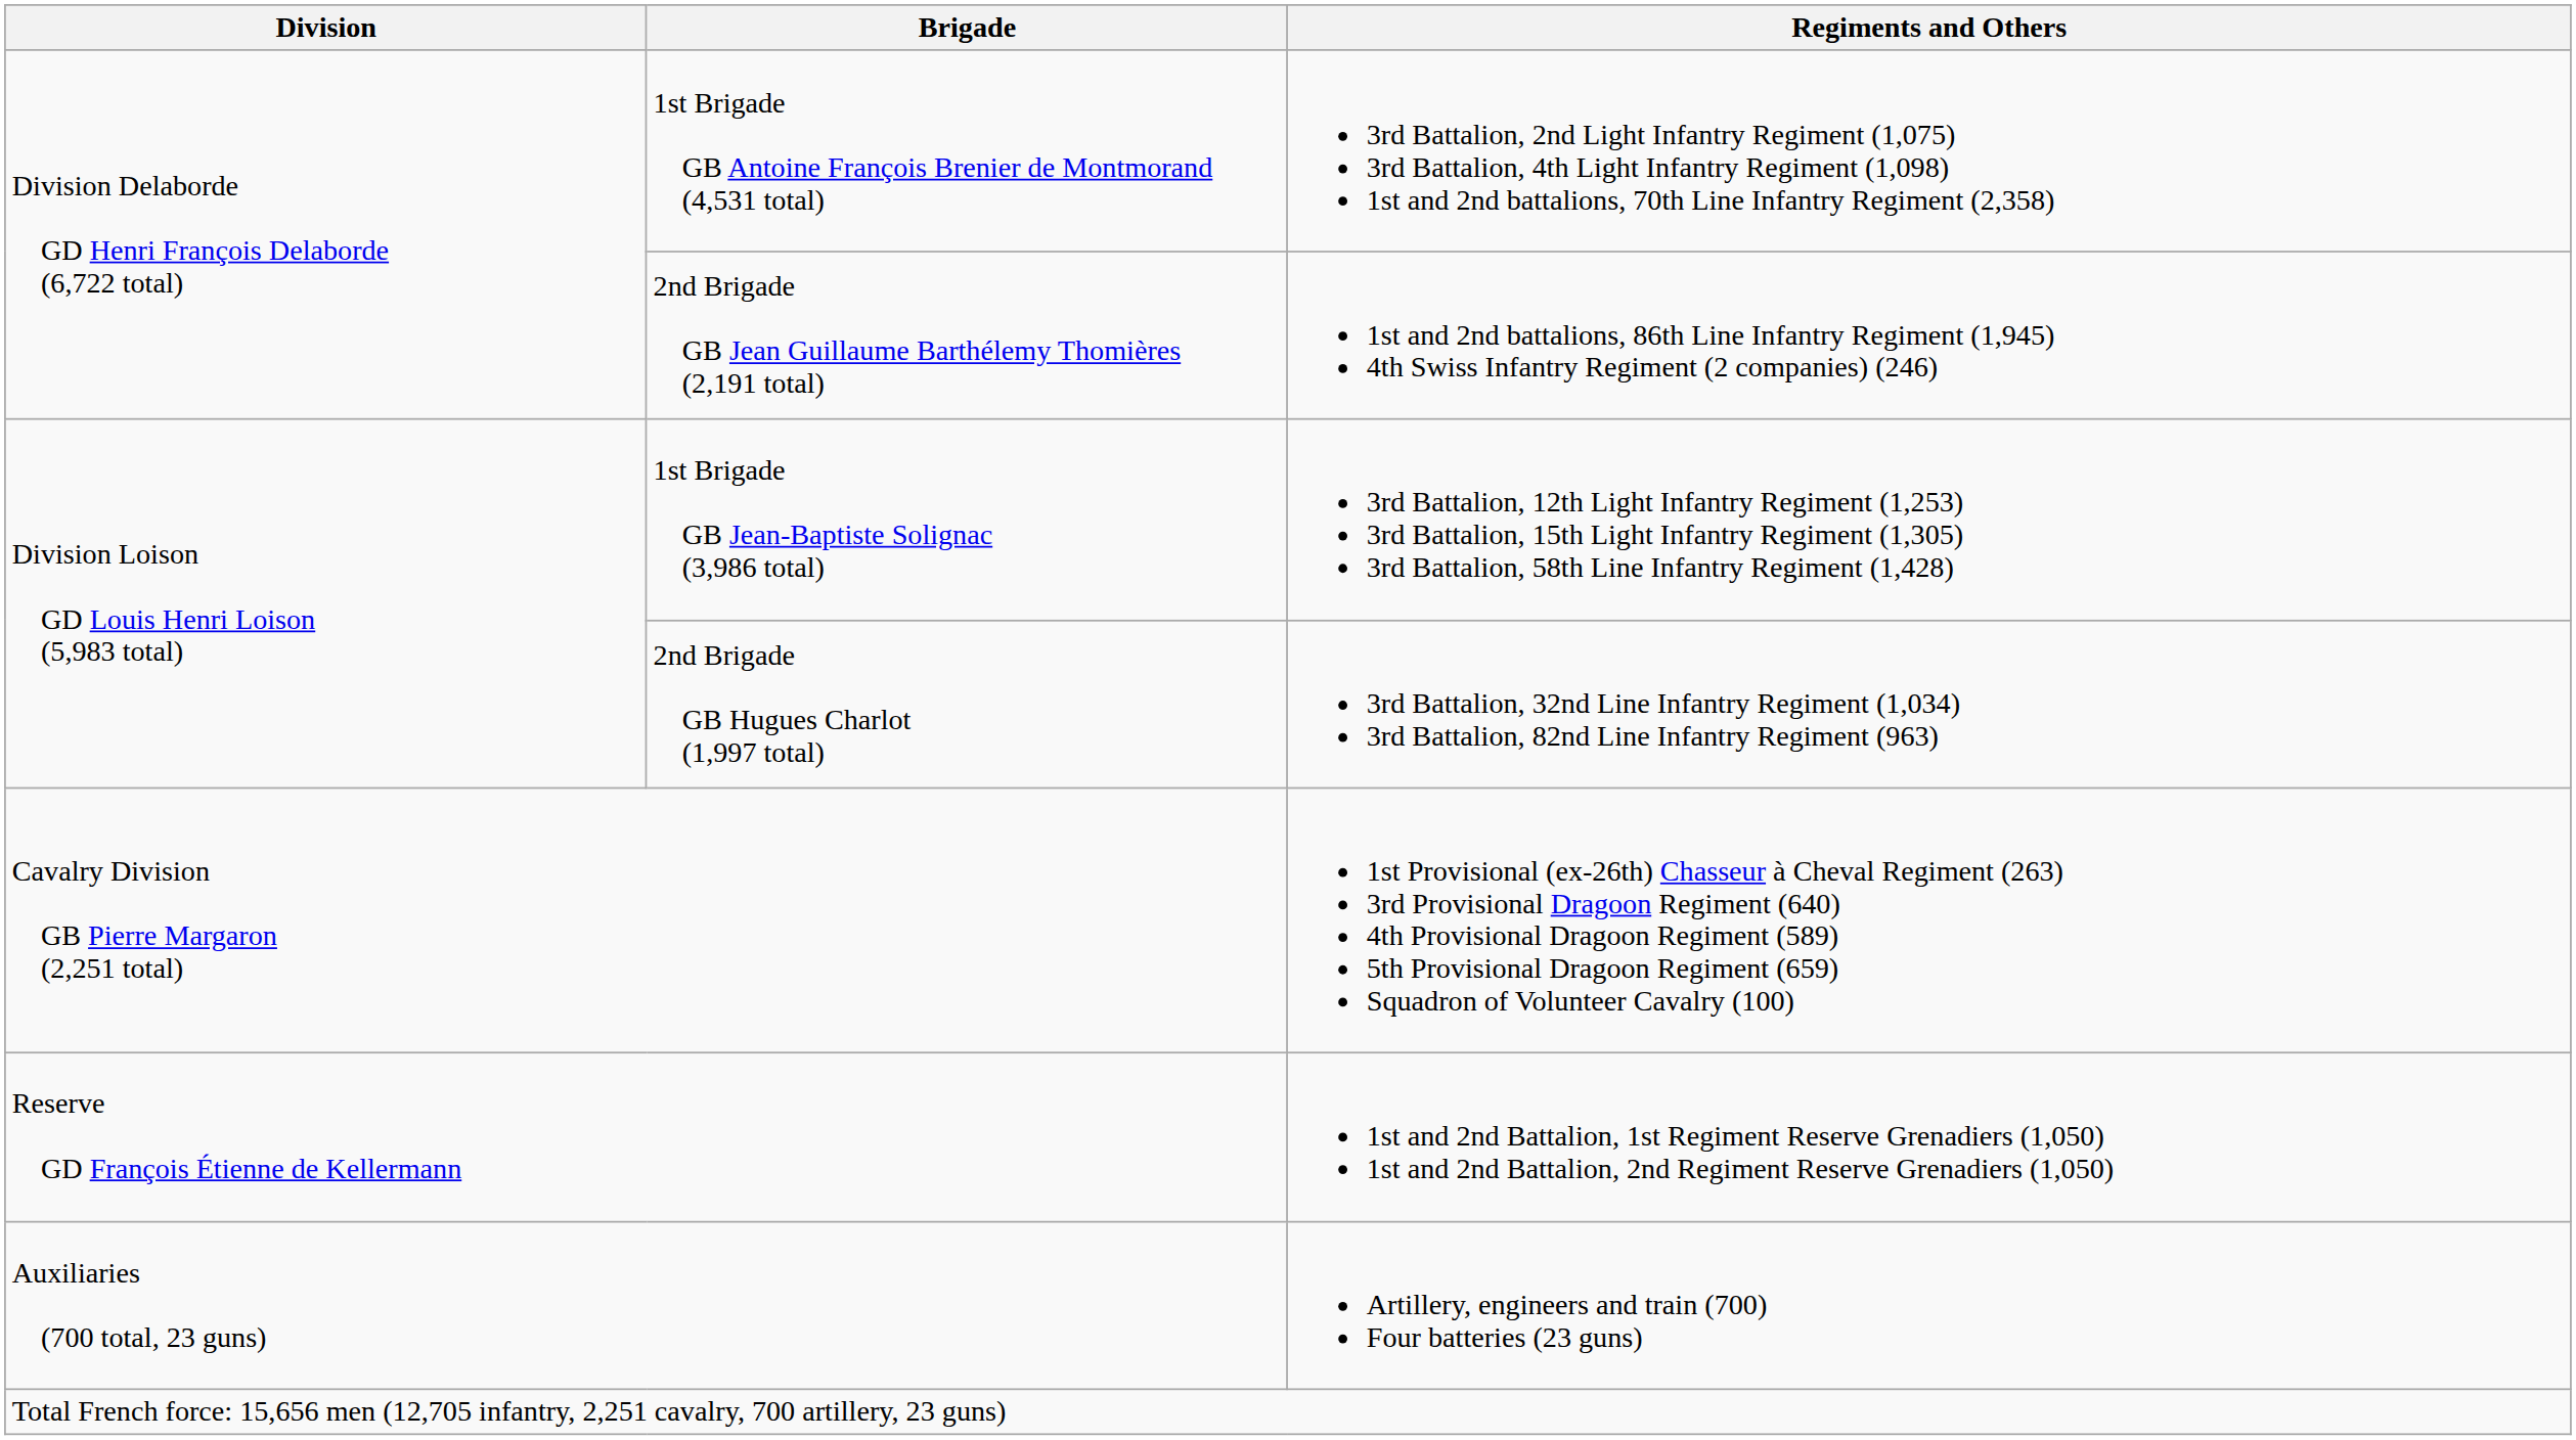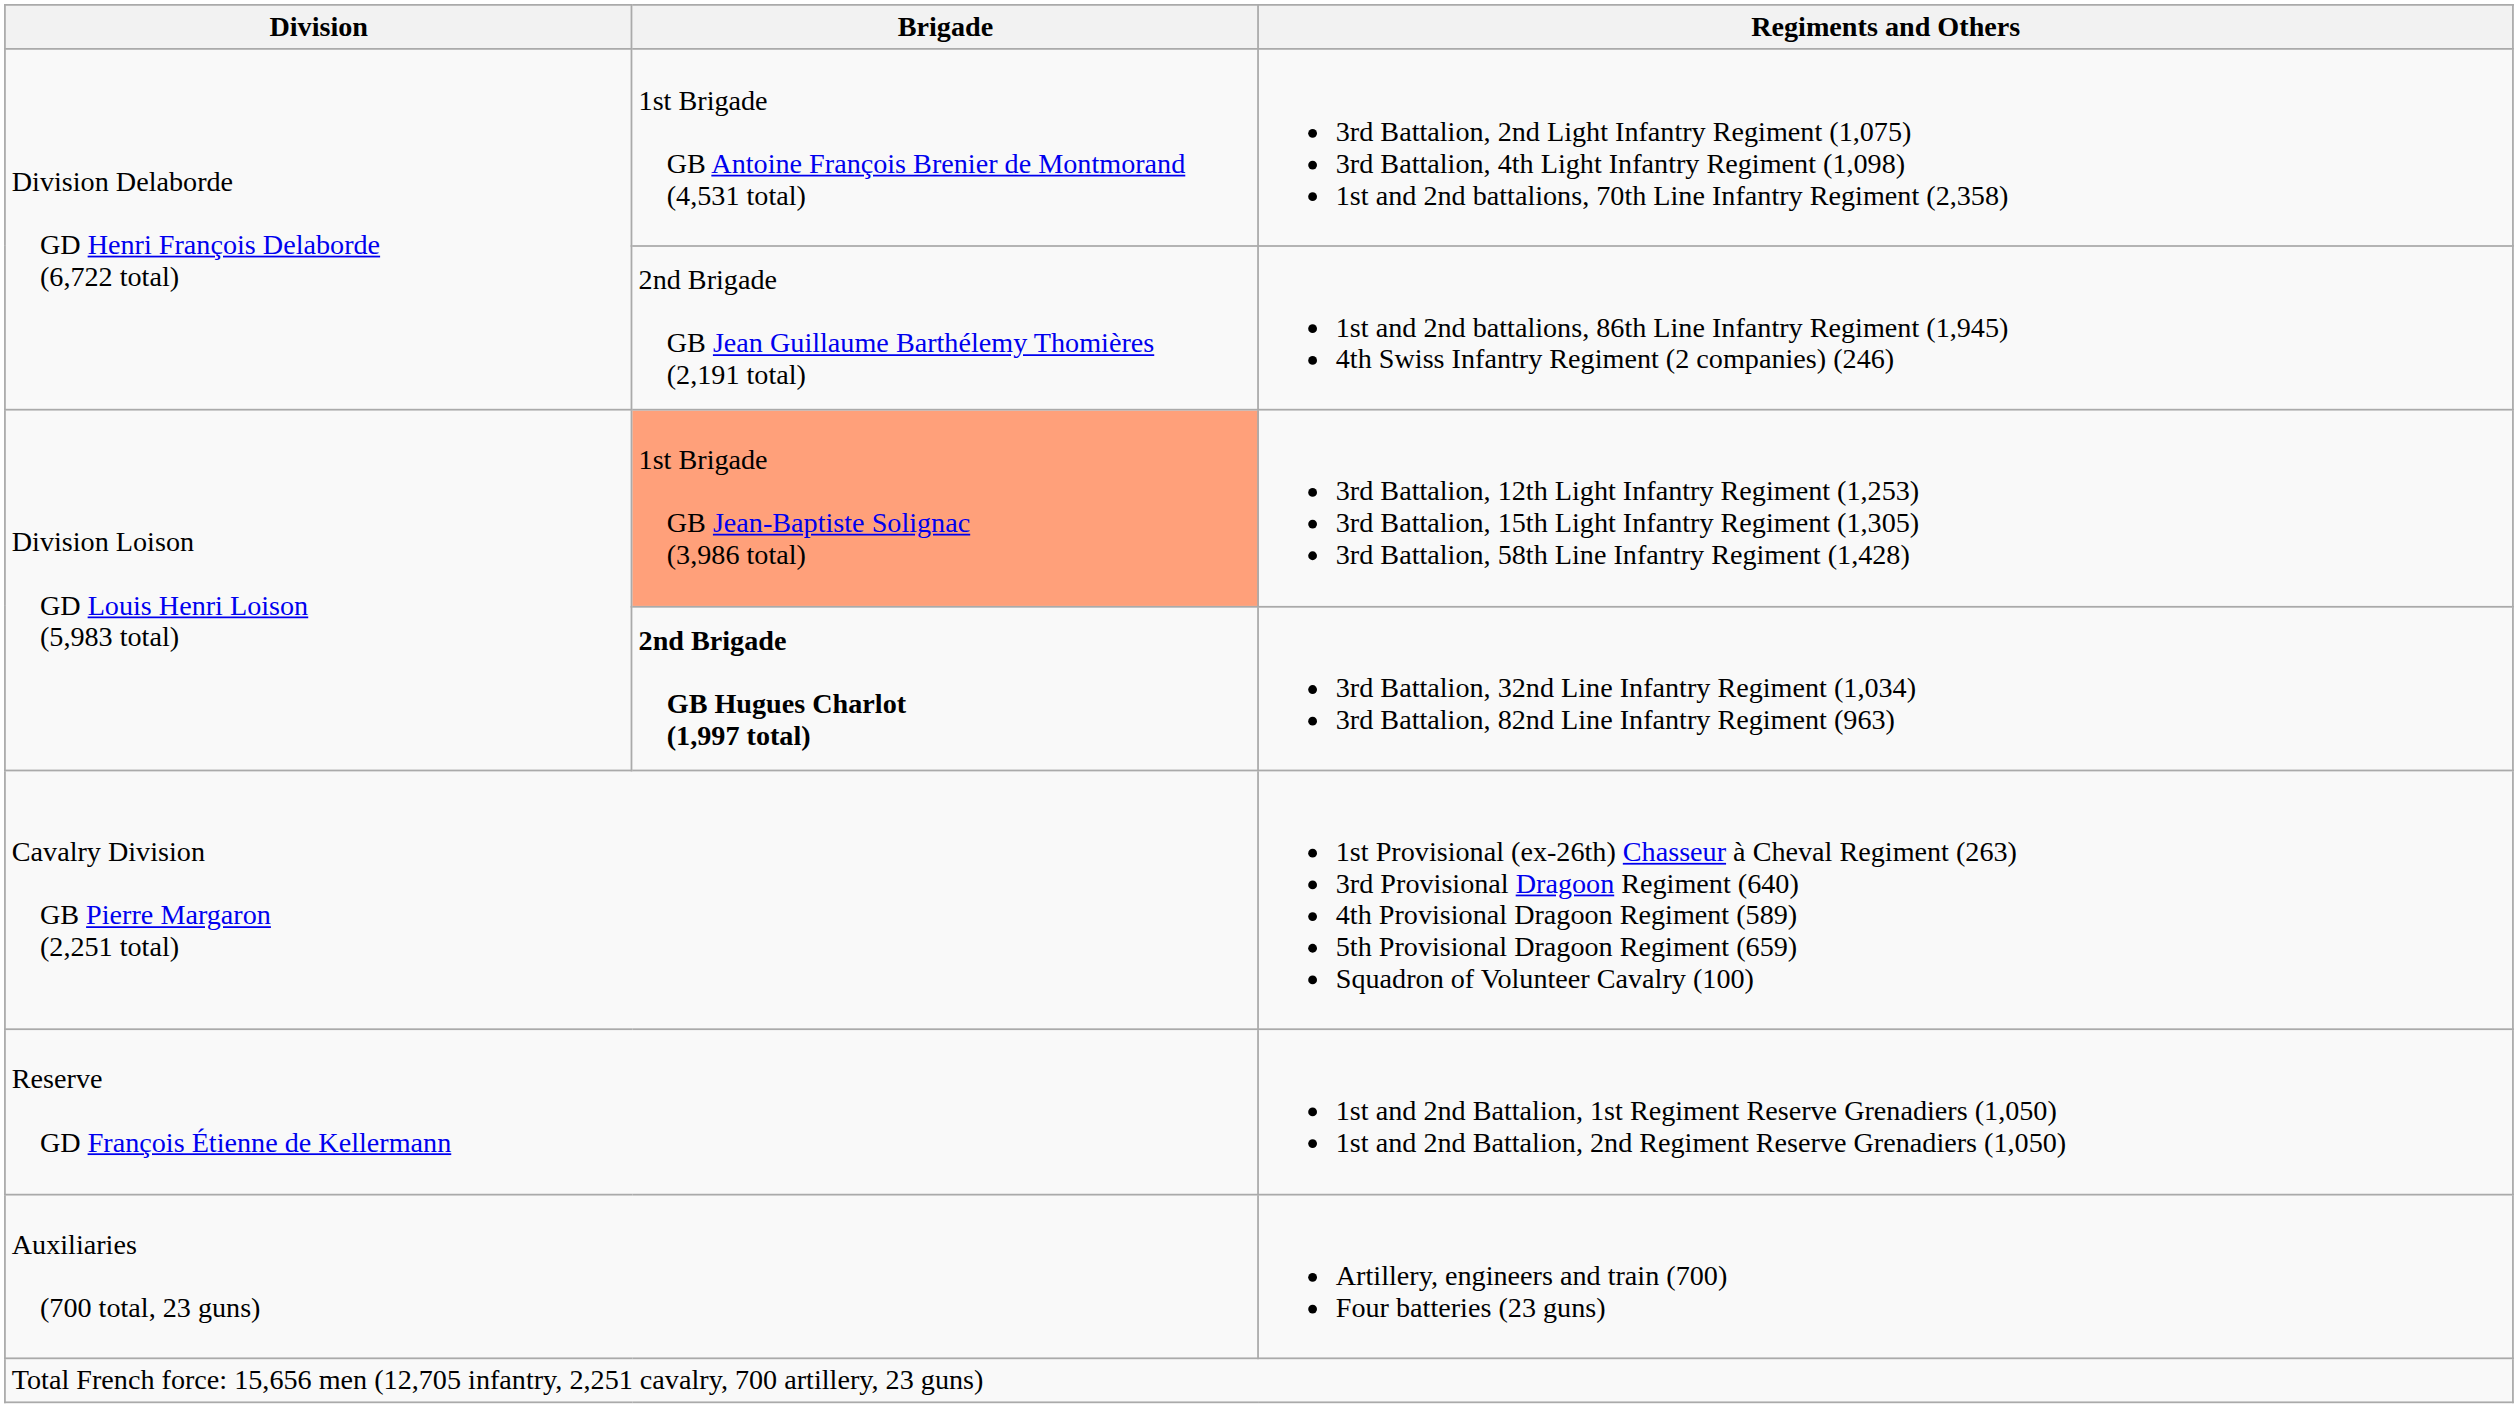 <table class="wikitable" width="90%" style="margin: 1em auto 1em auto">
 <tr>
 <th style="width:25%;">Division</th>
 <th style="width:25%;">Brigade</th>
 <th>Regiments and Others</th>
 </tr>
 <tr>
 <td rowspan=2>Division Delaborde<br><br>    GD <a href='#'>Henri François Delaborde</a> <br>    (6,722 total)</td>
 <td>1st Brigade<br><br>    GB <a href='#'>Antoine François Brenier de Montmorand</a> <br>    (4,531 total)</td>
 <td><br><ul><li>3rd Battalion, 2nd Light Infantry Regiment (1,075)</li><li>3rd Battalion, 4th Light Infantry Regiment (1,098)</li><li>1st and 2nd battalions, 70th Line Infantry Regiment (2,358)</li></ul></td>
 </tr>
 <tr>
 <td>2nd Brigade<br><br>    GB <a href='#'>Jean Guillaume Barthélemy Thomières</a> <br>    (2,191 total)</td>
 <td><br><ul><li>1st and 2nd battalions, 86th Line Infantry Regiment (1,945)</li><li>4th Swiss Infantry Regiment (2 companies) (246)</li></ul></td>
 </tr>
 <tr>
 <td rowspan=2>Division Loison<br><br>    GD <a href='#'>Louis Henri Loison</a> <br>    (5,983 total)</td>
-<td>1st Brigade<br><br>    GB <a href='#'>Jean-Baptiste Solignac</a> <br>    (3,986 total)</td>
+<td style="background: lightsalmon;">1st Brigade<br><br>    GB <a href='#'>Jean-Baptiste Solignac</a> <br>    (3,986 total)</td>
 <td><br><ul><li>3rd Battalion, 12th Light Infantry Regiment (1,253)</li><li>3rd Battalion, 15th Light Infantry Regiment (1,305)</li><li>3rd Battalion, 58th Line Infantry Regiment (1,428)</li></ul></td>
 </tr>
 <tr>
-<td>2nd Brigade<br><br>    GB Hugues Charlot <br>    (1,997 total)</td>
+<td><strong>2nd Brigade<br><br>    GB Hugues Charlot <br>    (1,997 total)</strong></td>
 <td><br><ul><li>3rd Battalion, 32nd Line Infantry Regiment (1,034)</li><li>3rd Battalion, 82nd Line Infantry Regiment (963)</li></ul></td>
 </tr>
 <tr>
 <td colspan=2>Cavalry Division<br><br>    GB <a href='#'>Pierre Margaron</a> <br>    (2,251 total)</td>
 <td><br><ul><li>1st Provisional (ex-26th) <a href='#'>Chasseur</a> à Cheval Regiment (263)</li><li>3rd Provisional <a href='#'>Dragoon</a> Regiment (640)</li><li>4th Provisional Dragoon Regiment (589)</li><li>5th Provisional Dragoon Regiment (659)</li><li>Squadron of Volunteer Cavalry (100)</li></ul></td>
 </tr>
 <tr>
 <td colspan=2>Reserve<br><br>    GD <a href='#'>François Étienne de Kellermann</a></td>
 <td><br><ul><li>1st and 2nd Battalion, 1st Regiment Reserve Grenadiers (1,050) </li><li>1st and 2nd Battalion, 2nd Regiment Reserve Grenadiers (1,050)</li></ul></td>
 </tr>
 <tr>
 <td colspan=2>Auxiliaries<br><br>    (700 total, 23 guns)</td>
 <td><br><ul><li>Artillery, engineers and train (700)</li><li>Four batteries (23 guns)</li></ul></td>
 </tr>
 <tr>
 <td colspan=3>Total French force: 15,656 men (12,705 infantry, 2,251 cavalry, 700 artillery, 23 guns)</td>
 </tr>
 </table>
